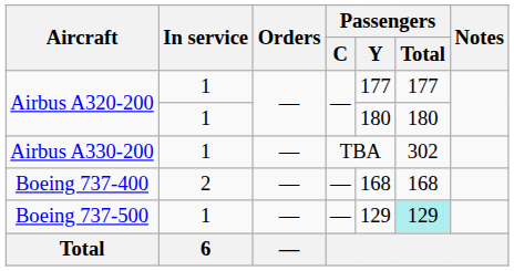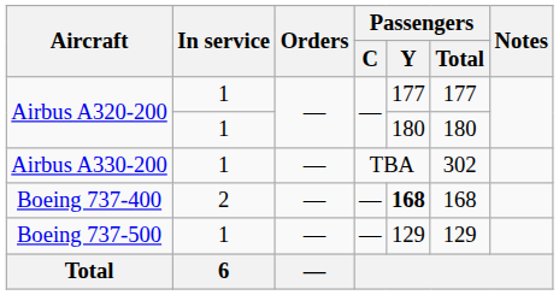 <table class="wikitable" style="border-collapse:collapse;text-align:center;margin:1em auto;">
 <tr>
 <th rowspan="2">Aircraft</th>
 <th rowspan="2">In service</th>
 <th rowspan="2">Orders</th>
 <th colspan="3">Passengers</th>
 <th rowspan="2">Notes</th>
 </tr>
 <tr>
 <th><abbr>C</abbr></th>
 <th><abbr>Y</abbr></th>
 <th>Total</th>
 </tr>
 <tr>
 <td rowspan="2"><a href='#'>Airbus A320-200</a></td>
 <td>1</td>
 <td rowspan="2">—</td>
 <td rowspan="2">—</td>
 <td>177</td>
 <td>177</td>
 <td rowspan="2"></td>
 </tr>
 <tr>
 <td>1</td>
 <td>180</td>
 <td>180</td>
 </tr>
 <tr>
 <td><a href='#'>Airbus A330-200</a></td>
 <td>1</td>
 <td>—</td>
 <td colspan="2">TBA</td>
 <td>302</td>
 <td></td>
 </tr>
 <tr>
 <td><a href='#'>Boeing 737-400</a></td>
 <td>2</td>
 <td>—</td>
 <td>—</td>
-<td>168</td>
+<td><strong>168</strong></td>
 <td>168</td>
 <td></td>
 </tr>
 <tr>
 <td><a href='#'>Boeing 737-500</a></td>
 <td>1</td>
 <td>—</td>
 <td>—</td>
 <td>129</td>
-<td style="background: paleturquoise;">129</td>
+<td>129</td>
 <td></td>
 </tr>
 <tr>
 <th>Total</th>
 <th>6</th>
 <th>—</th>
 <th colspan="4"></th>
 </tr>
 </table>
